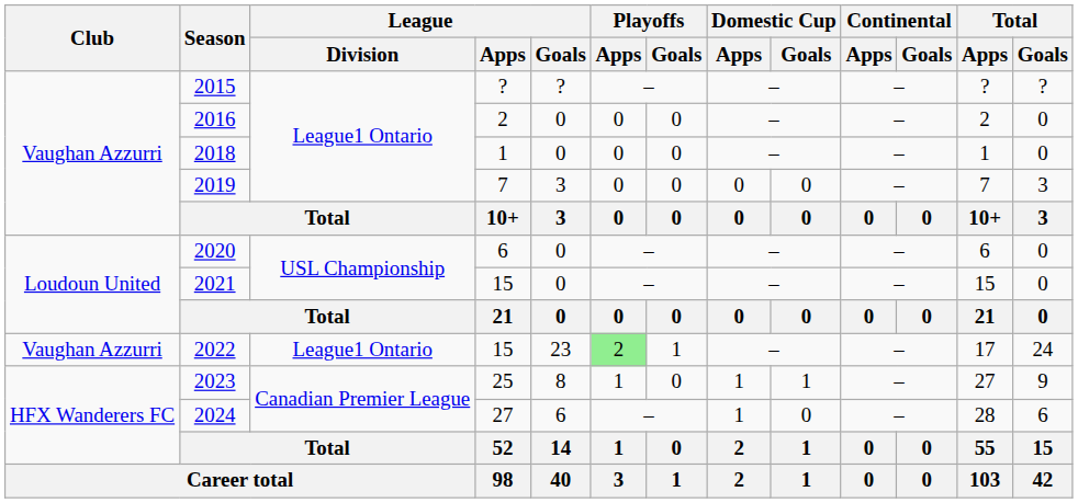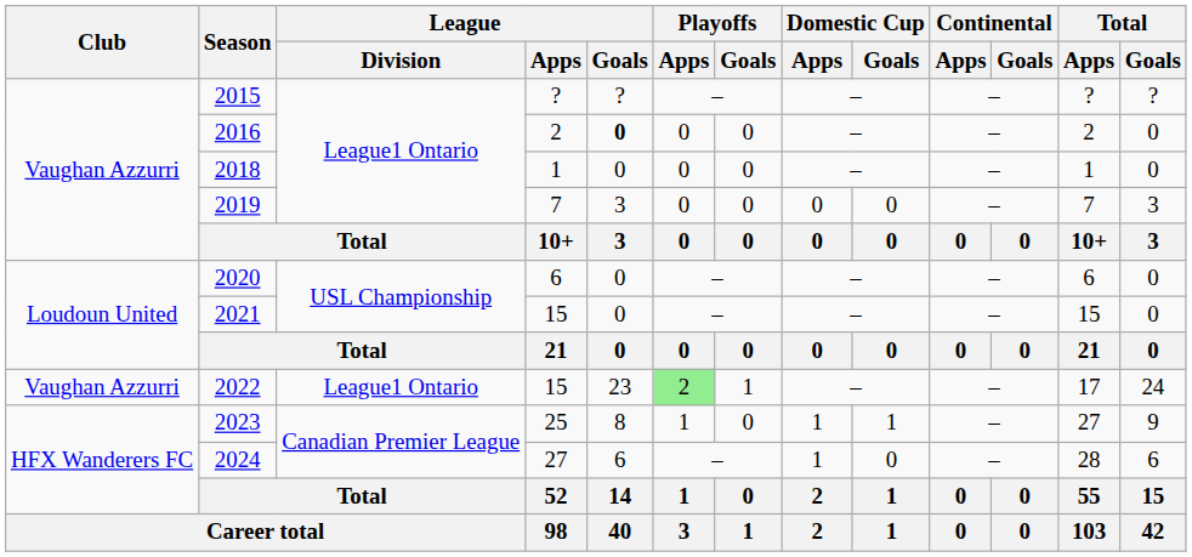 <table class="wikitable" style="text-align: center">
 <tr>
 <th rowspan="2">Club</th>
 <th rowspan="2">Season</th>
 <th colspan="3">League</th>
 <th colspan="2">Playoffs</th>
 <th colspan="2">Domestic Cup</th>
 <th colspan="2">Continental</th>
 <th colspan="2">Total</th>
 </tr>
 <tr>
 <th>Division</th>
 <th>Apps</th>
 <th>Goals</th>
 <th>Apps</th>
 <th>Goals</th>
 <th>Apps</th>
 <th>Goals</th>
 <th>Apps</th>
 <th>Goals</th>
 <th>Apps</th>
 <th>Goals</th>
 </tr>
 <tr>
 <td rowspan=5><a href='#'>Vaughan Azzurri</a></td>
 <td><a href='#'>2015</a></td>
 <td rowspan=4><a href='#'>League1 Ontario</a></td>
 <td>?</td>
 <td>?</td>
 <td colspan="2">–</td>
 <td colspan="2">–</td>
 <td colspan="2">–</td>
 <td>?</td>
 <td>?</td>
 </tr>
 <tr>
 <td><a href='#'>2016</a></td>
 <td>2</td>
-<td>0</td>
+<td><strong>0</strong></td>
 <td>0</td>
 <td>0</td>
 <td colspan="2">–</td>
 <td colspan="2">–</td>
 <td>2</td>
 <td>0</td>
 </tr>
 <tr>
 <td><a href='#'>2018</a></td>
 <td>1</td>
 <td>0</td>
 <td>0</td>
 <td>0</td>
 <td colspan="2">–</td>
 <td colspan="2">–</td>
 <td>1</td>
 <td>0</td>
 </tr>
 <tr>
 <td><a href='#'>2019</a></td>
 <td>7</td>
 <td>3</td>
 <td>0</td>
 <td>0</td>
 <td>0</td>
 <td>0</td>
 <td colspan="2">–</td>
 <td>7</td>
 <td>3</td>
 </tr>
 <tr>
 <th colspan="2"><strong>Total</strong></th>
 <th>10+</th>
 <th>3</th>
 <th>0</th>
 <th>0</th>
 <th>0</th>
 <th>0</th>
 <th>0</th>
 <th>0</th>
 <th>10+</th>
 <th>3</th>
 </tr>
 <tr>
 <td rowspan=3><a href='#'>Loudoun United</a></td>
 <td><a href='#'>2020</a></td>
 <td rowspan=2><a href='#'>USL Championship</a></td>
 <td>6</td>
 <td>0</td>
 <td colspan="2">–</td>
 <td colspan="2">–</td>
 <td colspan="2">–</td>
 <td>6</td>
 <td>0</td>
 </tr>
 <tr>
 <td><a href='#'>2021</a></td>
 <td>15</td>
 <td>0</td>
 <td colspan="2">–</td>
 <td colspan="2">–</td>
 <td colspan="2">–</td>
 <td>15</td>
 <td>0</td>
 </tr>
 <tr>
 <th colspan="2"><strong>Total</strong></th>
 <th>21</th>
 <th>0</th>
 <th>0</th>
 <th>0</th>
 <th>0</th>
 <th>0</th>
 <th>0</th>
 <th>0</th>
 <th>21</th>
 <th>0</th>
 </tr>
 <tr>
 <td><a href='#'>Vaughan Azzurri</a></td>
 <td><a href='#'>2022</a></td>
 <td><a href='#'>League1 Ontario</a></td>
 <td>15</td>
 <td>23</td>
 <td style="background: lightgreen;">2</td>
 <td>1</td>
 <td colspan="2">–</td>
 <td colspan="2">–</td>
 <td>17</td>
 <td>24</td>
 </tr>
 <tr>
 <td rowspan="3"><a href='#'>HFX Wanderers FC</a></td>
 <td><a href='#'>2023</a></td>
 <td rowspan="2"><a href='#'>Canadian Premier League</a></td>
 <td>25</td>
 <td>8</td>
 <td>1</td>
 <td>0</td>
 <td>1</td>
 <td>1</td>
 <td colspan="2">–</td>
 <td>27</td>
 <td>9</td>
 </tr>
 <tr>
 <td><a href='#'>2024</a></td>
 <td>27</td>
 <td>6</td>
 <td colspan="2">–</td>
 <td>1</td>
 <td>0</td>
 <td colspan="2">–</td>
 <td>28</td>
 <td>6</td>
 </tr>
 <tr>
 <th colspan="2"><strong>Total</strong></th>
 <th>52</th>
 <th>14</th>
 <th>1</th>
 <th>0</th>
 <th>2</th>
 <th>1</th>
 <th>0</th>
 <th>0</th>
 <th>55</th>
 <th>15</th>
 </tr>
 <tr>
 <th colspan="3"><strong>Career total</strong></th>
 <th>98</th>
 <th>40</th>
 <th>3</th>
 <th>1</th>
 <th>2</th>
 <th>1</th>
 <th>0</th>
 <th>0</th>
 <th>103</th>
 <th>42</th>
 </tr>
 </table>
